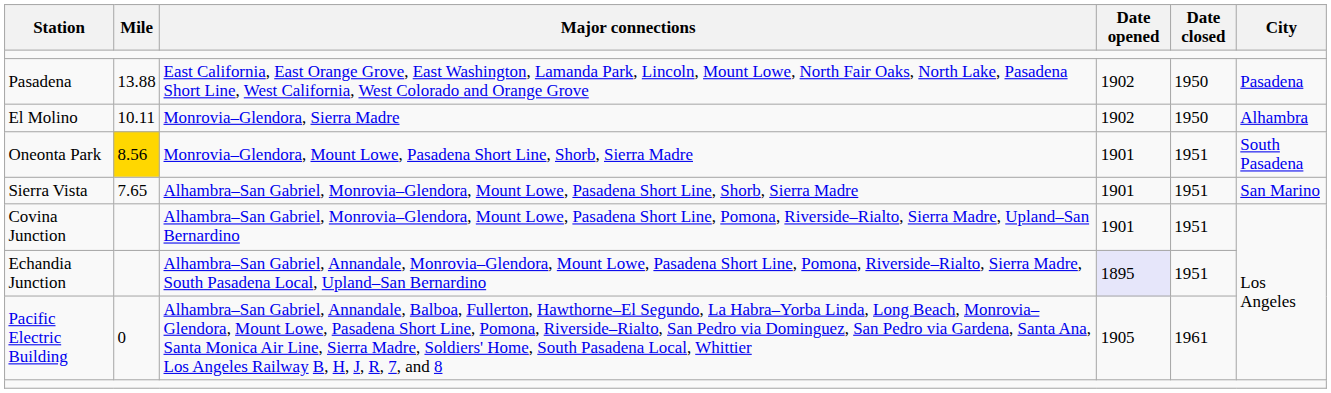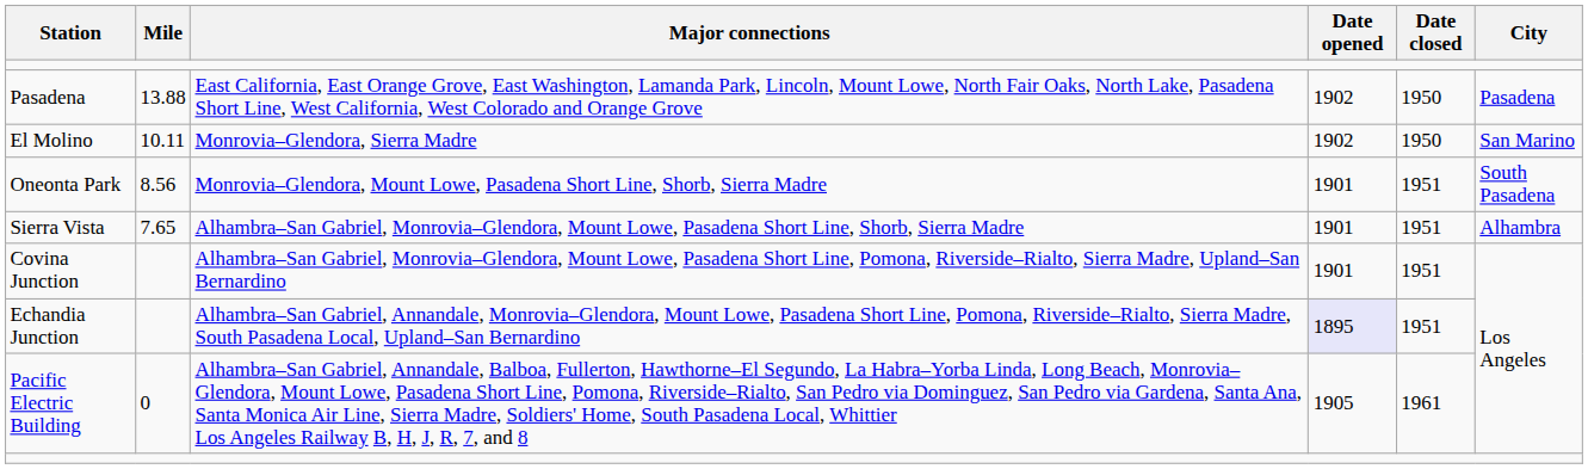 <table class="wikitable">
 <tr>
 <th>Station</th>
 <th>Mile</th>
 <th>Major connections</th>
 <th>Date opened</th>
 <th>Date closed</th>
 <th>City</th>
 </tr>
 <tr>
 <td colspan = "6"></td>
 </tr>
 <tr>
 <td>Pasadena</td>
 <td>13.88</td>
 <td><a href='#'>East California</a>, <a href='#'>East Orange Grove</a>, <a href='#'>East Washington</a>, <a href='#'>Lamanda Park</a>, <a href='#'>Lincoln</a>, <a href='#'>Mount Lowe</a>, <a href='#'>North Fair Oaks</a>, <a href='#'>North Lake</a>, <a href='#'>Pasadena Short Line</a>, <a href='#'>West California</a>, <a href='#'>West Colorado and Orange Grove</a></td>
 <td>1902</td>
 <td>1950</td>
 <td rowspan=1><a href='#'>Pasadena</a></td>
 </tr>
 <tr>
 <td>El Molino</td>
 <td>10.11</td>
 <td><a href='#'>Monrovia–Glendora</a>, <a href='#'>Sierra Madre</a></td>
 <td>1902</td>
 <td>1950</td>
-<td rowspan=1><a href='#'>Alhambra</a></td>
+<td rowspan=1><a href='#'>San Marino</a></td>
 </tr>
 <tr>
 <td>Oneonta Park</td>
-<td style="background: gold;">8.56</td>
+<td>8.56</td>
 <td><a href='#'>Monrovia–Glendora</a>, <a href='#'>Mount Lowe</a>, <a href='#'>Pasadena Short Line</a>, <a href='#'>Shorb</a>, <a href='#'>Sierra Madre</a></td>
 <td>1901</td>
 <td>1951</td>
 <td rowspan=1><a href='#'>South Pasadena</a></td>
 </tr>
 <tr>
 <td>Sierra Vista</td>
 <td>7.65</td>
 <td><a href='#'>Alhambra–San Gabriel</a>, <a href='#'>Monrovia–Glendora</a>, <a href='#'>Mount Lowe</a>, <a href='#'>Pasadena Short Line</a>, <a href='#'>Shorb</a>, <a href='#'>Sierra Madre</a></td>
 <td>1901</td>
 <td>1951</td>
-<td rowspan=1><a href='#'>San Marino</a></td>
+<td rowspan=1><a href='#'>Alhambra</a></td>
 </tr>
 <tr>
 <td>Covina Junction</td>
 <td></td>
 <td><a href='#'>Alhambra–San Gabriel</a>, <a href='#'>Monrovia–Glendora</a>, <a href='#'>Mount Lowe</a>, <a href='#'>Pasadena Short Line</a>, <a href='#'>Pomona</a>, <a href='#'>Riverside–Rialto</a>, <a href='#'>Sierra Madre</a>, <a href='#'>Upland–San Bernardino</a></td>
 <td>1901</td>
 <td>1951</td>
 <td rowspan=3>Los Angeles</td>
 </tr>
 <tr>
 <td>Echandia Junction</td>
 <td></td>
 <td><a href='#'>Alhambra–San Gabriel</a>, <a href='#'>Annandale</a>, <a href='#'>Monrovia–Glendora</a>, <a href='#'>Mount Lowe</a>, <a href='#'>Pasadena Short Line</a>, <a href='#'>Pomona</a>, <a href='#'>Riverside–Rialto</a>, <a href='#'>Sierra Madre</a>, <a href='#'>South Pasadena Local</a>, <a href='#'>Upland–San Bernardino</a></td>
 <td style="background: lavender;">1895</td>
 <td>1951</td>
 </tr>
 <tr>
 <td><a href='#'>Pacific Electric Building</a></td>
 <td>0</td>
 <td><a href='#'>Alhambra–San Gabriel</a>, <a href='#'>Annandale</a>, <a href='#'>Balboa</a>, <a href='#'>Fullerton</a>, <a href='#'>Hawthorne–El Segundo</a>, <a href='#'>La Habra–Yorba Linda</a>, <a href='#'>Long Beach</a>, <a href='#'>Monrovia–Glendora</a>, <a href='#'>Mount Lowe</a>, <a href='#'>Pasadena Short Line</a>, <a href='#'>Pomona</a>, <a href='#'>Riverside–Rialto</a>, <a href='#'>San Pedro via Dominguez</a>, <a href='#'>San Pedro via Gardena</a>, <a href='#'>Santa Ana</a>, <a href='#'>Santa Monica Air Line</a>, <a href='#'>Sierra Madre</a>, <a href='#'>Soldiers' Home</a>, <a href='#'>South Pasadena Local</a>, <a href='#'>Whittier</a><br><a href='#'>Los Angeles Railway</a> <a href='#'>B</a>, <a href='#'>H</a>, <a href='#'>J</a>, <a href='#'>R</a>, <a href='#'>7</a>, and <a href='#'>8</a></td>
 <td>1905</td>
 <td>1961</td>
 </tr>
 <tr>
 <td colspan = "6"></td>
 </tr>
 </table>
